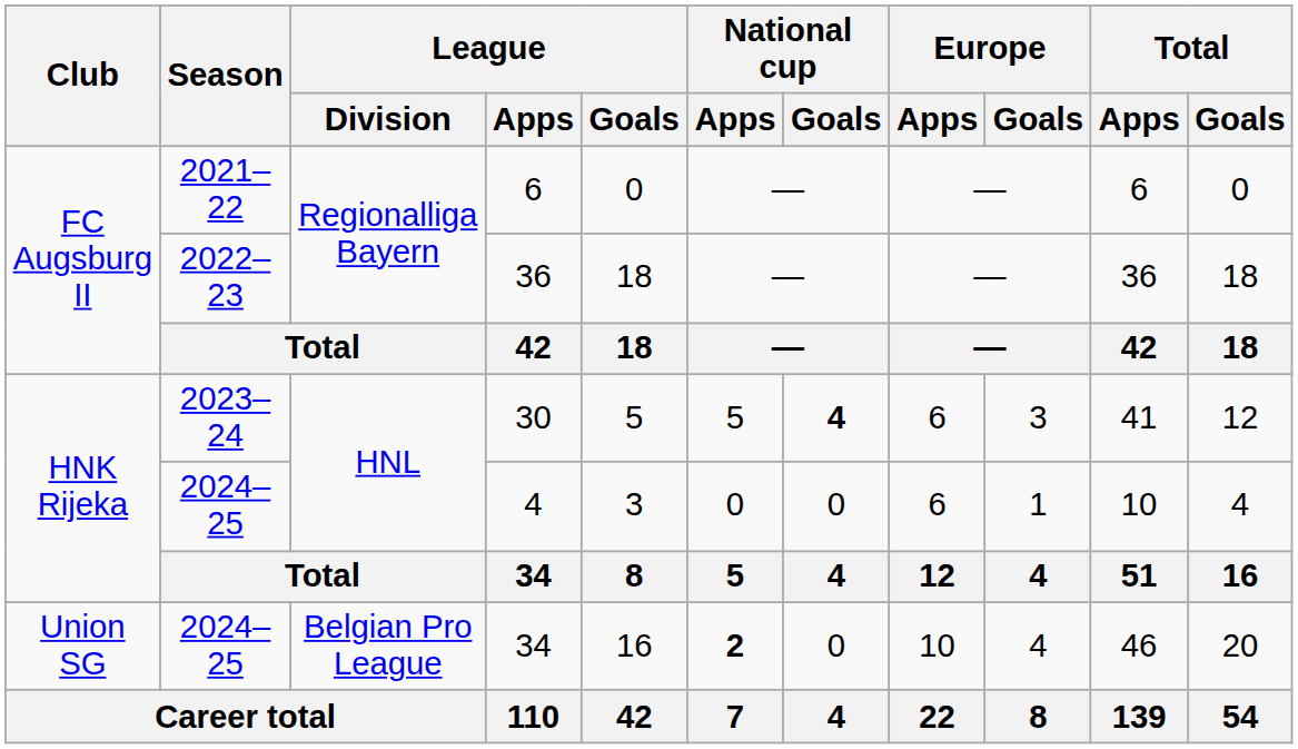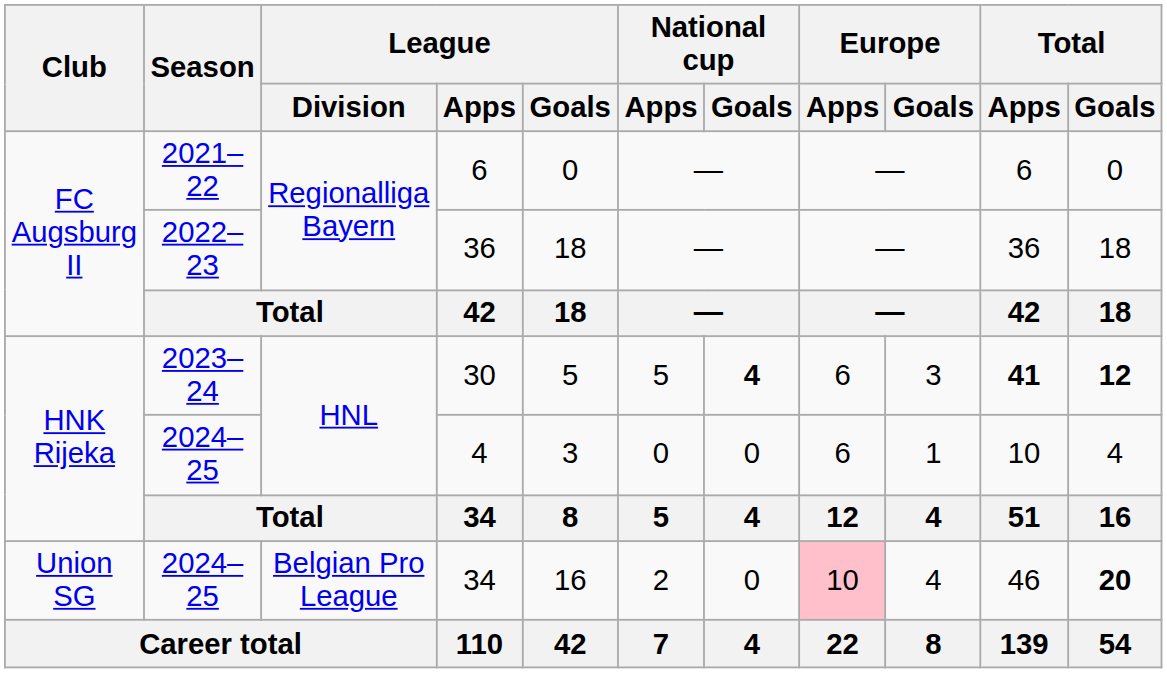 <table class="wikitable" style="text-align:center">
 <tr>
 <th rowspan="2">Club</th>
 <th rowspan="2">Season</th>
 <th colspan="3">League</th>
 <th colspan="2">National cup</th>
 <th colspan="2">Europe</th>
 <th colspan="2">Total</th>
 </tr>
 <tr>
 <th>Division</th>
 <th>Apps</th>
 <th>Goals</th>
 <th>Apps</th>
 <th>Goals</th>
 <th>Apps</th>
 <th>Goals</th>
 <th>Apps</th>
 <th>Goals</th>
 </tr>
 <tr>
 <td rowspan="3"><a href='#'>FC Augsburg II</a></td>
 <td><a href='#'>2021–22</a></td>
 <td rowspan="2"><a href='#'>Regionalliga Bayern</a></td>
 <td>6</td>
 <td>0</td>
 <td colspan="2">—</td>
 <td colspan="2">—</td>
 <td>6</td>
 <td>0</td>
 </tr>
 <tr>
 <td><a href='#'>2022–23</a></td>
 <td>36</td>
 <td>18</td>
 <td colspan="2">—</td>
 <td colspan="2">—</td>
 <td>36</td>
 <td>18</td>
 </tr>
 <tr>
 <th colspan="2">Total</th>
 <th>42</th>
 <th>18</th>
 <th colspan="2">—</th>
 <th colspan="2">—</th>
 <th>42</th>
 <th>18</th>
 </tr>
 <tr>
 <td rowspan="3"><a href='#'>HNK Rijeka</a></td>
 <td><a href='#'>2023–24</a></td>
 <td rowspan="2"><a href='#'>HNL</a></td>
 <td>30</td>
 <td>5</td>
 <td>5</td>
 <td><strong>4</strong></td>
 <td>6</td>
 <td>3</td>
-<td>41</td>
-<td>12</td>
+<td><strong>41</strong></td>
+<td><strong>12</strong></td>
 </tr>
 <tr>
 <td><a href='#'>2024–25</a></td>
 <td>4</td>
 <td>3</td>
 <td>0</td>
 <td>0</td>
 <td>6</td>
 <td>1</td>
 <td>10</td>
 <td>4</td>
 </tr>
 <tr>
 <th colspan="2">Total</th>
 <th>34</th>
 <th>8</th>
 <th>5</th>
 <th>4</th>
 <th>12</th>
 <th>4</th>
 <th>51</th>
 <th>16</th>
 </tr>
 <tr>
 <td><a href='#'>Union SG</a></td>
 <td><a href='#'>2024–25</a></td>
 <td><a href='#'>Belgian Pro League</a></td>
 <td>34</td>
 <td>16</td>
-<td><strong>2</strong></td>
+<td>2</td>
 <td>0</td>
-<td>10</td>
+<td style="background: pink;">10</td>
 <td>4</td>
 <td>46</td>
-<td>20</td>
+<td><strong>20</strong></td>
 </tr>
 <tr>
 <th colspan="3">Career total</th>
 <th>110</th>
 <th>42</th>
 <th>7</th>
 <th>4</th>
 <th>22</th>
 <th>8</th>
 <th>139</th>
 <th>54</th>
 </tr>
 </table>
